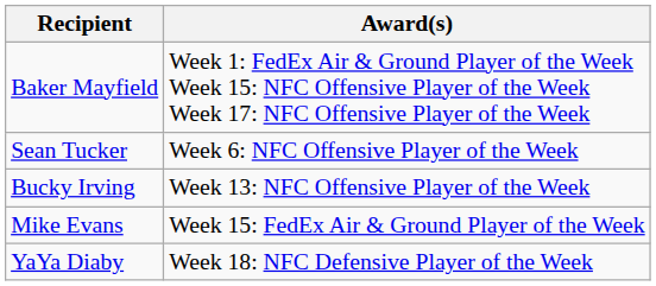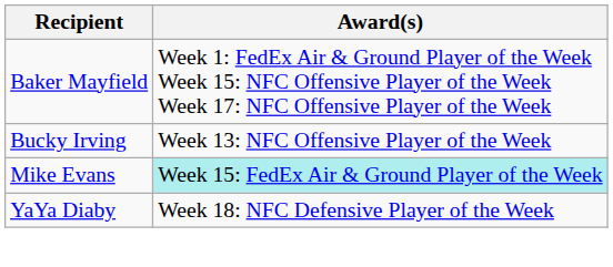 <table class="wikitable">
 <tr>
 <th>Recipient</th>
 <th>Award(s)</th>
 </tr>
 <tr>
 <td><a href='#'>Baker Mayfield</a></td>
 <td>Week 1: <a href='#'>FedEx Air & Ground Player of the Week</a><br>Week 15: <a href='#'>NFC Offensive Player of the Week</a><br>Week 17: <a href='#'>NFC Offensive Player of the Week</a></td>
 </tr>
 <tr>
-<td><a href='#'>Sean Tucker</a></td>
-<td>Week 6: <a href='#'>NFC Offensive Player of the Week</a></td>
-</tr>
-<tr>
 <td><a href='#'>Bucky Irving</a></td>
 <td>Week 13: <a href='#'>NFC Offensive Player of the Week</a></td>
 </tr>
 <tr>
 <td><a href='#'>Mike Evans</a></td>
-<td>Week 15: <a href='#'>FedEx Air & Ground Player of the Week</a></td>
+<td style="background: paleturquoise;">Week 15: <a href='#'>FedEx Air & Ground Player of the Week</a></td>
 </tr>
 <tr>
 <td><a href='#'>YaYa Diaby</a></td>
 <td>Week 18: <a href='#'>NFC Defensive Player of the Week</a></td>
 </tr>
 </table>
